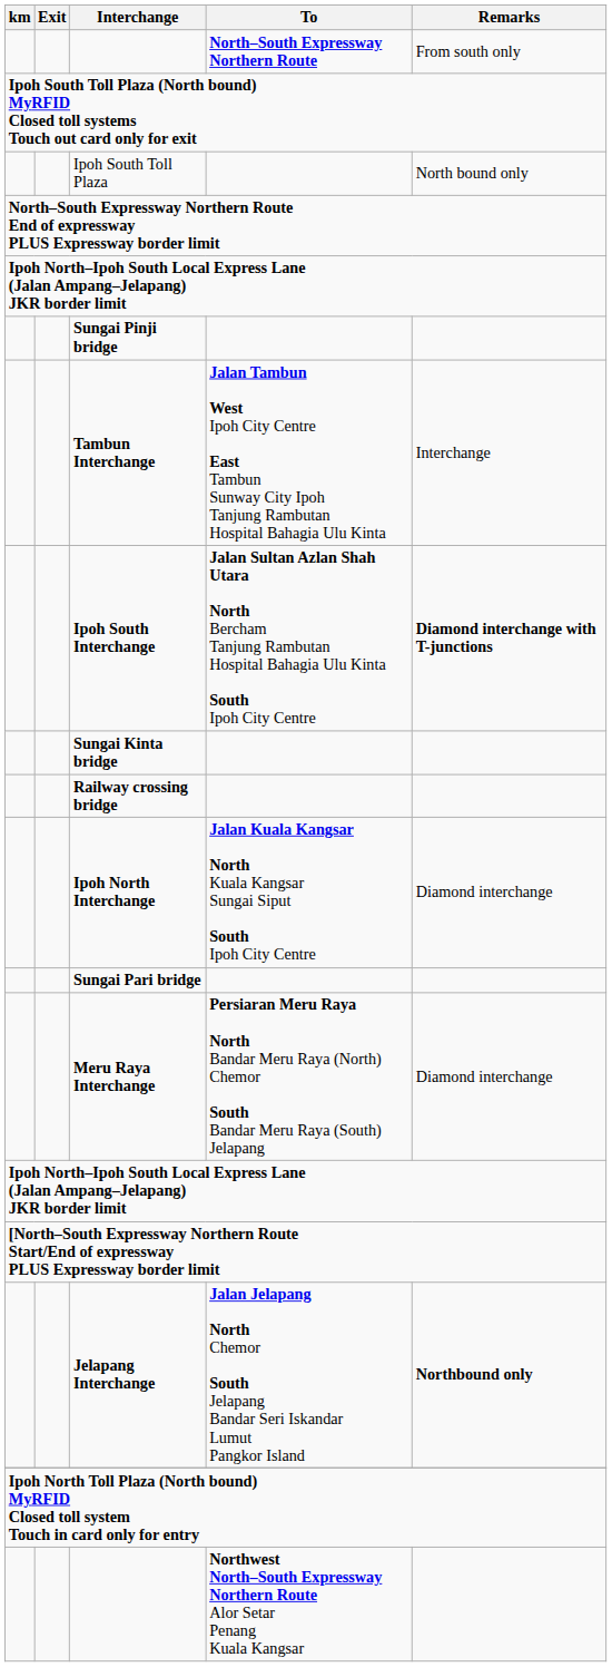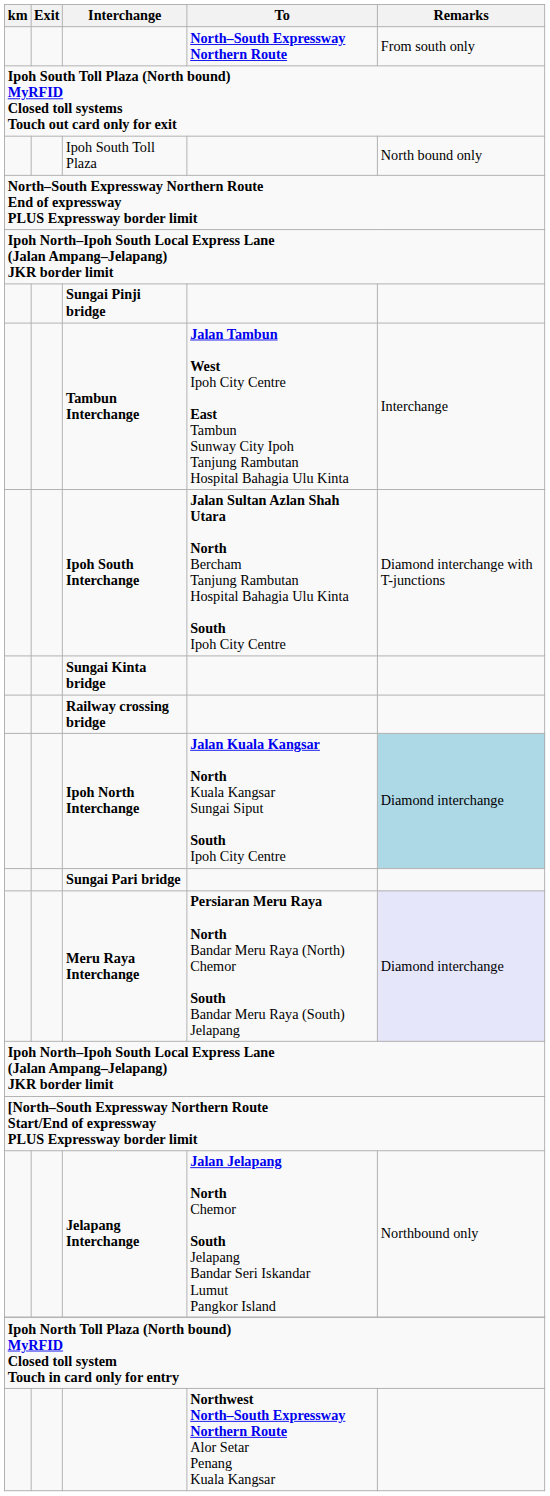 <table class="wikitable">
 <tr>
 <th>km</th>
 <th>Exit</th>
 <th>Interchange</th>
 <th>To</th>
 <th>Remarks</th>
 </tr>
 <tr>
 <td></td>
 <td></td>
 <td></td>
 <td>  <strong><a href='#'>North–South Expressway Northern Route</a></strong></td>
 <td>From south only</td>
 </tr>
 <tr>
 <td style="width:600px" colspan="6" style="text-align:center; background:green;"><strong><span>Ipoh South Toll Plaza (North bound)<br> <a href='#'><span>My</span><span>RFID</span></a> <br>Closed toll systems<br>Touch out card only for exit</span></strong></td>
 </tr>
 <tr>
 <td></td>
 <td></td>
 <td> Ipoh South Toll Plaza</td>
 <td>   </td>
 <td>North bound only</td>
 </tr>
 <tr>
 <td style="width:600px" colspan="6" style="text-align:center; background:green;"><strong><span>  North–South Expressway Northern Route<br>End of expressway<br>PLUS Expressway border limit</span></strong></td>
 </tr>
 <tr>
 <td style="width:600px" colspan="6" style="text-align:center; background:blue;"><strong><span> Ipoh North–Ipoh South Local Express Lane<br>(Jalan Ampang–Jelapang)<br>JKR border limit</span></strong></td>
 </tr>
 <tr>
 <td></td>
 <td></td>
 <td><strong>Sungai Pinji bridge</strong></td>
 <td></td>
 <td></td>
 </tr>
 <tr>
 <td></td>
 <td></td>
 <td><strong>Tambun Interchange</strong></td>
 <td> <strong><a href='#'>Jalan Tambun</a></strong><br><br><strong>West</strong><br>Ipoh City Centre<br><br><strong>East</strong><br>Tambun<br>Sunway City Ipoh<br>Tanjung Rambutan<br>Hospital Bahagia Ulu Kinta </td>
 <td>Interchange</td>
 </tr>
 <tr>
 <td></td>
 <td></td>
 <td><strong>Ipoh South Interchange</strong></td>
 <td><strong>Jalan Sultan Azlan Shah Utara</strong><br><br><strong>North</strong><br>Bercham<br>Tanjung Rambutan<br>Hospital Bahagia Ulu Kinta <br><br><strong>South </strong><br>Ipoh City Centre</td>
-<td><strong>Diamond interchange with T-junctions</strong></td>
+<td>Diamond interchange with T-junctions</td>
 </tr>
 <tr>
 <td></td>
 <td></td>
 <td><strong>Sungai Kinta bridge</strong></td>
 <td></td>
 <td></td>
 </tr>
 <tr>
 <td></td>
 <td></td>
 <td><strong>Railway crossing bridge</strong></td>
 <td></td>
 <td></td>
 </tr>
 <tr>
 <td></td>
 <td></td>
 <td><strong>Ipoh North Interchange</strong></td>
 <td> <strong><a href='#'>Jalan Kuala Kangsar</a></strong><br><br><strong>North</strong><br> Kuala Kangsar<br> Sungai Siput<br><br><strong>South </strong><br> Ipoh City Centre</td>
-<td>Diamond interchange</td>
+<td style="background: lightblue;">Diamond interchange</td>
 </tr>
 <tr>
 <td></td>
 <td></td>
 <td><strong>Sungai Pari bridge</strong></td>
 <td></td>
 <td></td>
 </tr>
 <tr>
 <td></td>
 <td></td>
 <td><strong>Meru Raya Interchange</strong></td>
 <td><strong>Persiaran Meru Raya</strong><br><br><strong>North</strong><br>Bandar Meru Raya (North)<br>Chemor<br><br><strong>South </strong><br>Bandar Meru Raya (South)<br>Jelapang</td>
-<td>Diamond interchange</td>
+<td style="background: lavender;">Diamond interchange</td>
 </tr>
 <tr>
 <td style="width:600px" colspan="6" style="text-align:center; background:blue;"><strong><span> Ipoh North–Ipoh South Local Express Lane<br>(Jalan Ampang–Jelapang)<br>JKR border limit</span></strong></td>
 </tr>
 <tr>
 <td style="width:600px" colspan="6" style="text-align:center; background:green;"><strong><span>  [North–South Expressway Northern Route<br>Start/End of expressway<br>PLUS Expressway border limit</span></strong></td>
 </tr>
 <tr>
 <td></td>
 <td></td>
 <td><strong>Jelapang Interchange</strong></td>
 <td> <strong><a href='#'>Jalan Jelapang</a></strong><br><br><strong>North</strong><br>Chemor<br><br><strong>South </strong><br>Jelapang<br>Bandar Seri Iskandar<br>Lumut<br>Pangkor Island</td>
-<td><strong>Northbound only</strong></td>
+<td>Northbound only</td>
 </tr>
 <tr>
 </tr>
 <tr>
 <td style="width:600px" colspan="6" style="text-align:center; background:green;"><strong><span>Ipoh North Toll Plaza (North bound)<br>  <a href='#'><span>My</span><span>RFID</span></a><br>Closed toll system<br>Touch in card only for entry</span></strong></td>
 </tr>
 <tr>
 <td></td>
 <td></td>
 <td></td>
 <td><strong>Northwest</strong><br>  <strong><a href='#'>North–South Expressway Northern Route</a></strong><br>Alor Setar<br>Penang<br>Kuala Kangsar</td>
 <td></td>
 </tr>
 </table>
